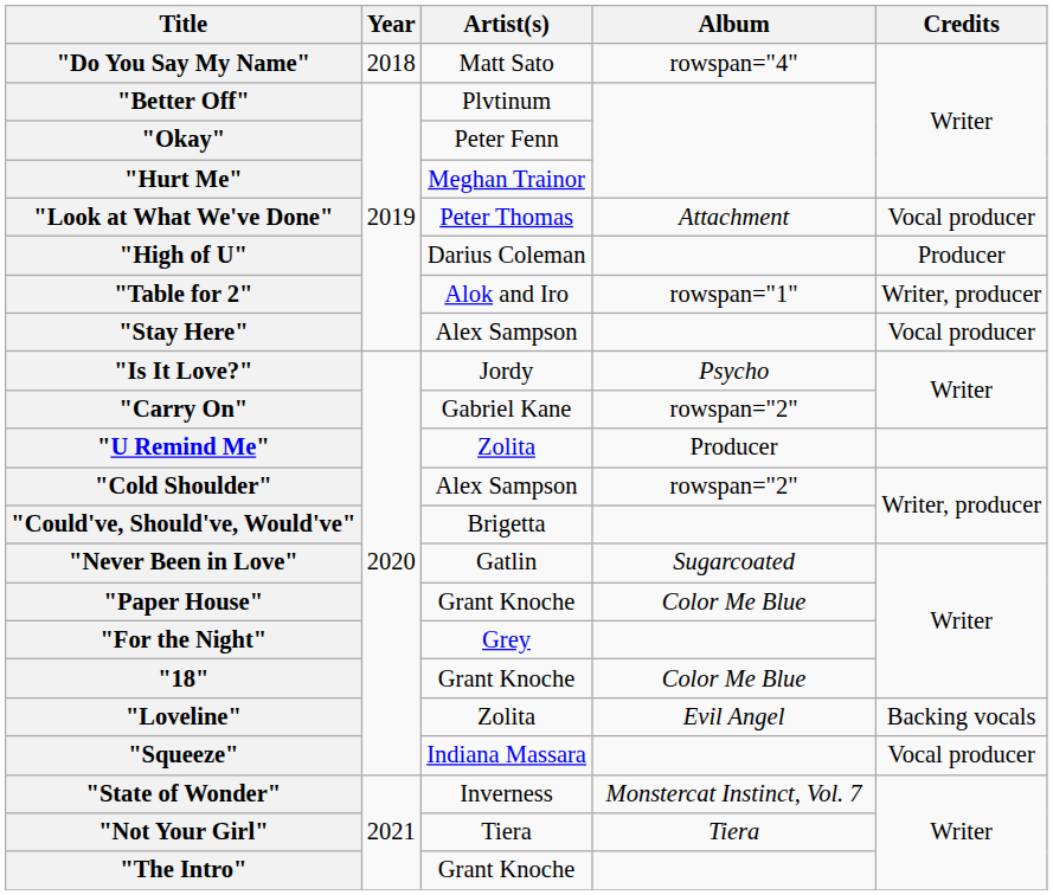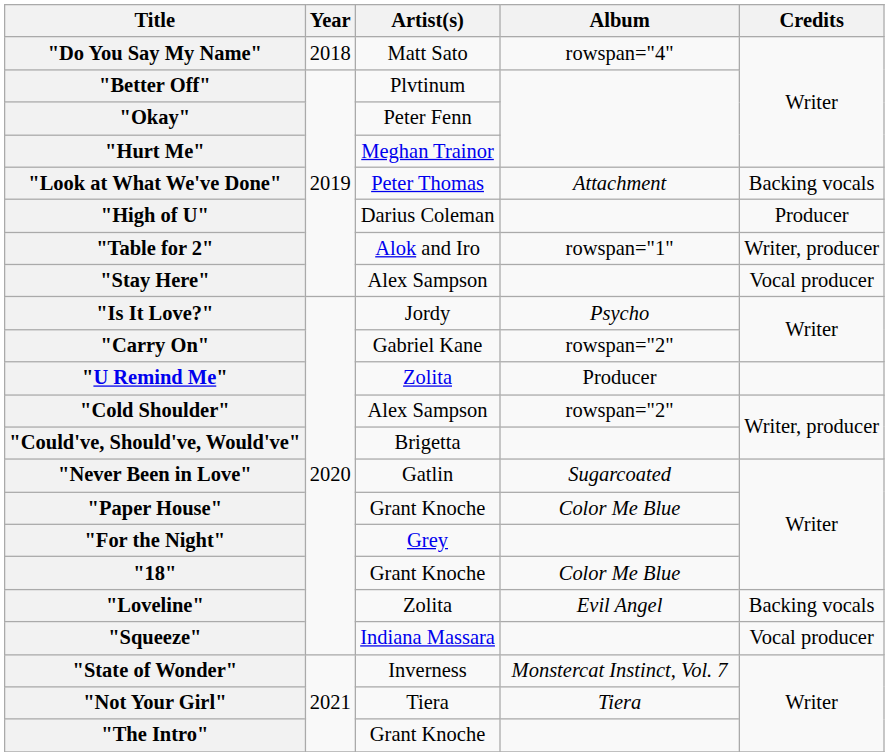 <table class="wikitable plainrowheaders" style="text-align:center;">
 <tr>
 <th scope="col" rowspan="1">Title</th>
 <th scope="col" rowspan="1">Year</th>
 <th scope="col" rowspan="1">Artist(s)</th>
 <th scope="col" style="width:180px;" rowspan="1">Album</th>
 <th scope="col" rowspan="1">Credits</th>
 </tr>
 <tr>
 <th scope="row">"Do You Say My Name"</th>
 <td rowspan="1">2018</td>
 <td>Matt Sato</td>
 <td>rowspan="4" </td>
 <td rowspan="4">Writer</td>
 </tr>
 <tr>
 <th scope="row">"Better Off"</th>
 <td rowspan="7">2019</td>
 <td>Plvtinum</td>
 </tr>
 <tr>
 <th scope="row">"Okay"</th>
 <td>Peter Fenn</td>
 </tr>
 <tr>
 <th scope="row">"Hurt Me"</th>
 <td><a href='#'>Meghan Trainor</a></td>
 </tr>
 <tr>
 <th scope="row">"Look at What We've Done"</th>
 <td><a href='#'>Peter Thomas</a></td>
 <td><em>Attachment</em></td>
-<td>Vocal producer</td>
+<td>Backing vocals</td>
 </tr>
 <tr>
 <th scope="row">"High of U"</th>
 <td>Darius Coleman</td>
 <td></td>
 <td>Producer</td>
 </tr>
 <tr>
 <th scope="row">"Table for 2"</th>
 <td><a href='#'>Alok</a> and Iro</td>
 <td>rowspan="1" </td>
 <td>Writer, producer</td>
 </tr>
 <tr>
 <th scope="row">"Stay Here"</th>
 <td>Alex Sampson</td>
 <td></td>
 <td>Vocal producer</td>
 </tr>
 <tr>
 <th scope="row">"Is It Love?"</th>
 <td rowspan="11">2020</td>
 <td>Jordy</td>
 <td><em>Psycho</em></td>
 <td rowspan="2">Writer</td>
 </tr>
 <tr>
 <th scope="row">"Carry On"</th>
 <td>Gabriel Kane</td>
 <td>rowspan="2" </td>
 </tr>
 <tr>
 <th scope="row">"<a href='#'>U Remind Me</a>"</th>
 <td><a href='#'>Zolita</a></td>
 <td>Producer</td>
 </tr>
 <tr>
 <th scope="row">"Cold Shoulder"</th>
 <td>Alex Sampson</td>
 <td>rowspan="2" </td>
 <td rowspan="2">Writer, producer</td>
 </tr>
 <tr>
 <th scope="row">"Could've, Should've, Would've"</th>
 <td>Brigetta</td>
 </tr>
 <tr>
 <th scope="row">"Never Been in Love"</th>
 <td>Gatlin</td>
 <td><em>Sugarcoated</em></td>
 <td rowspan="4">Writer</td>
 </tr>
 <tr>
 <th scope="row">"Paper House"</th>
 <td>Grant Knoche</td>
 <td><em>Color Me Blue</em></td>
 </tr>
 <tr>
 <th scope="row">"For the Night"</th>
 <td><a href='#'>Grey</a></td>
 <td></td>
 </tr>
 <tr>
 <th scope="row">"18"</th>
 <td>Grant Knoche</td>
 <td><em>Color Me Blue</em></td>
 </tr>
 <tr>
 <th scope="row">"Loveline"</th>
 <td>Zolita</td>
 <td><em>Evil Angel</em></td>
 <td>Backing vocals</td>
 </tr>
 <tr>
 <th scope="row">"Squeeze"</th>
 <td><a href='#'>Indiana Massara</a></td>
 <td></td>
 <td>Vocal producer</td>
 </tr>
 <tr>
 <th scope="row">"State of Wonder"<br></th>
 <td rowspan="3">2021</td>
 <td>Inverness</td>
 <td><em>Monstercat Instinct, Vol. 7</em></td>
 <td rowspan="3">Writer</td>
 </tr>
 <tr>
 <th scope="row">"Not Your Girl"</th>
 <td>Tiera</td>
 <td><em>Tiera</em></td>
 </tr>
 <tr>
 <th scope="row">"The Intro"</th>
 <td>Grant Knoche</td>
 <td></td>
 </tr>
 <tr>
 </tr>
 </table>
